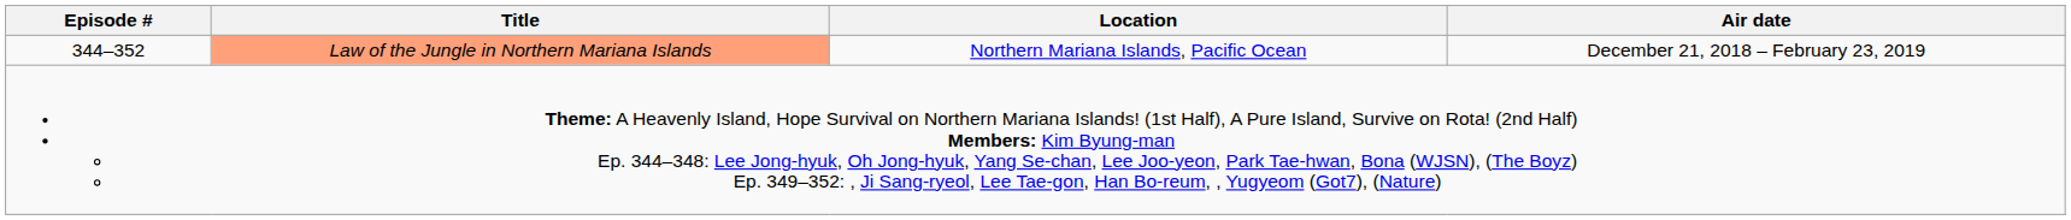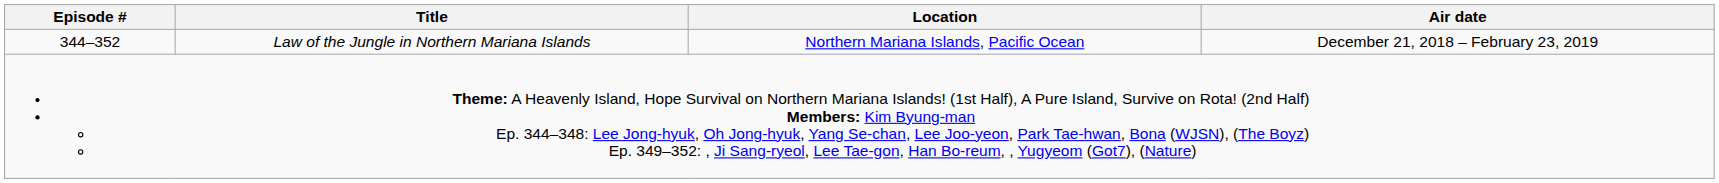 <table class="wikitable" style="text-align:center; font-size:90%; width:100%;">
 <tr>
 <th width="10%">Episode #</th>
 <th width="30%">Title</th>
 <th width="30%">Location</th>
 <th width="30%">Air date</th>
 </tr>
 <tr>
 <td>344–352</td>
-<td style="background: lightsalmon;"><em>Law of the Jungle in Northern Mariana Islands</em></td>
+<td><em>Law of the Jungle in Northern Mariana Islands</em></td>
 <td><a href='#'>Northern Mariana Islands</a>, <a href='#'>Pacific Ocean</a></td>
 <td>December 21, 2018 – February 23, 2019</td>
 </tr>
 <tr>
 <td colspan="4"><br><ul><li><strong>Theme:</strong> A Heavenly Island, Hope Survival on Northern Mariana Islands! (1st Half), A Pure Island, Survive on Rota! (2nd Half)</li><li><strong>Members:</strong> <a href='#'>Kim Byung-man</a><ul><li>Ep. 344–348: <a href='#'>Lee Jong-hyuk</a>, <a href='#'>Oh Jong-hyuk</a>, <a href='#'>Yang Se-chan</a>, <a href='#'>Lee Joo-yeon</a>, <a href='#'>Park Tae-hwan</a>, <a href='#'>Bona</a> (<a href='#'>WJSN</a>),  (<a href='#'>The Boyz</a>)</li><li>Ep. 349–352: , <a href='#'>Ji Sang-ryeol</a>, <a href='#'>Lee Tae-gon</a>, <a href='#'>Han Bo-reum</a>, , <a href='#'>Yugyeom</a> (<a href='#'>Got7</a>),  (<a href='#'>Nature</a>)</li></ul></li></ul></td>
 </tr>
 </table>
